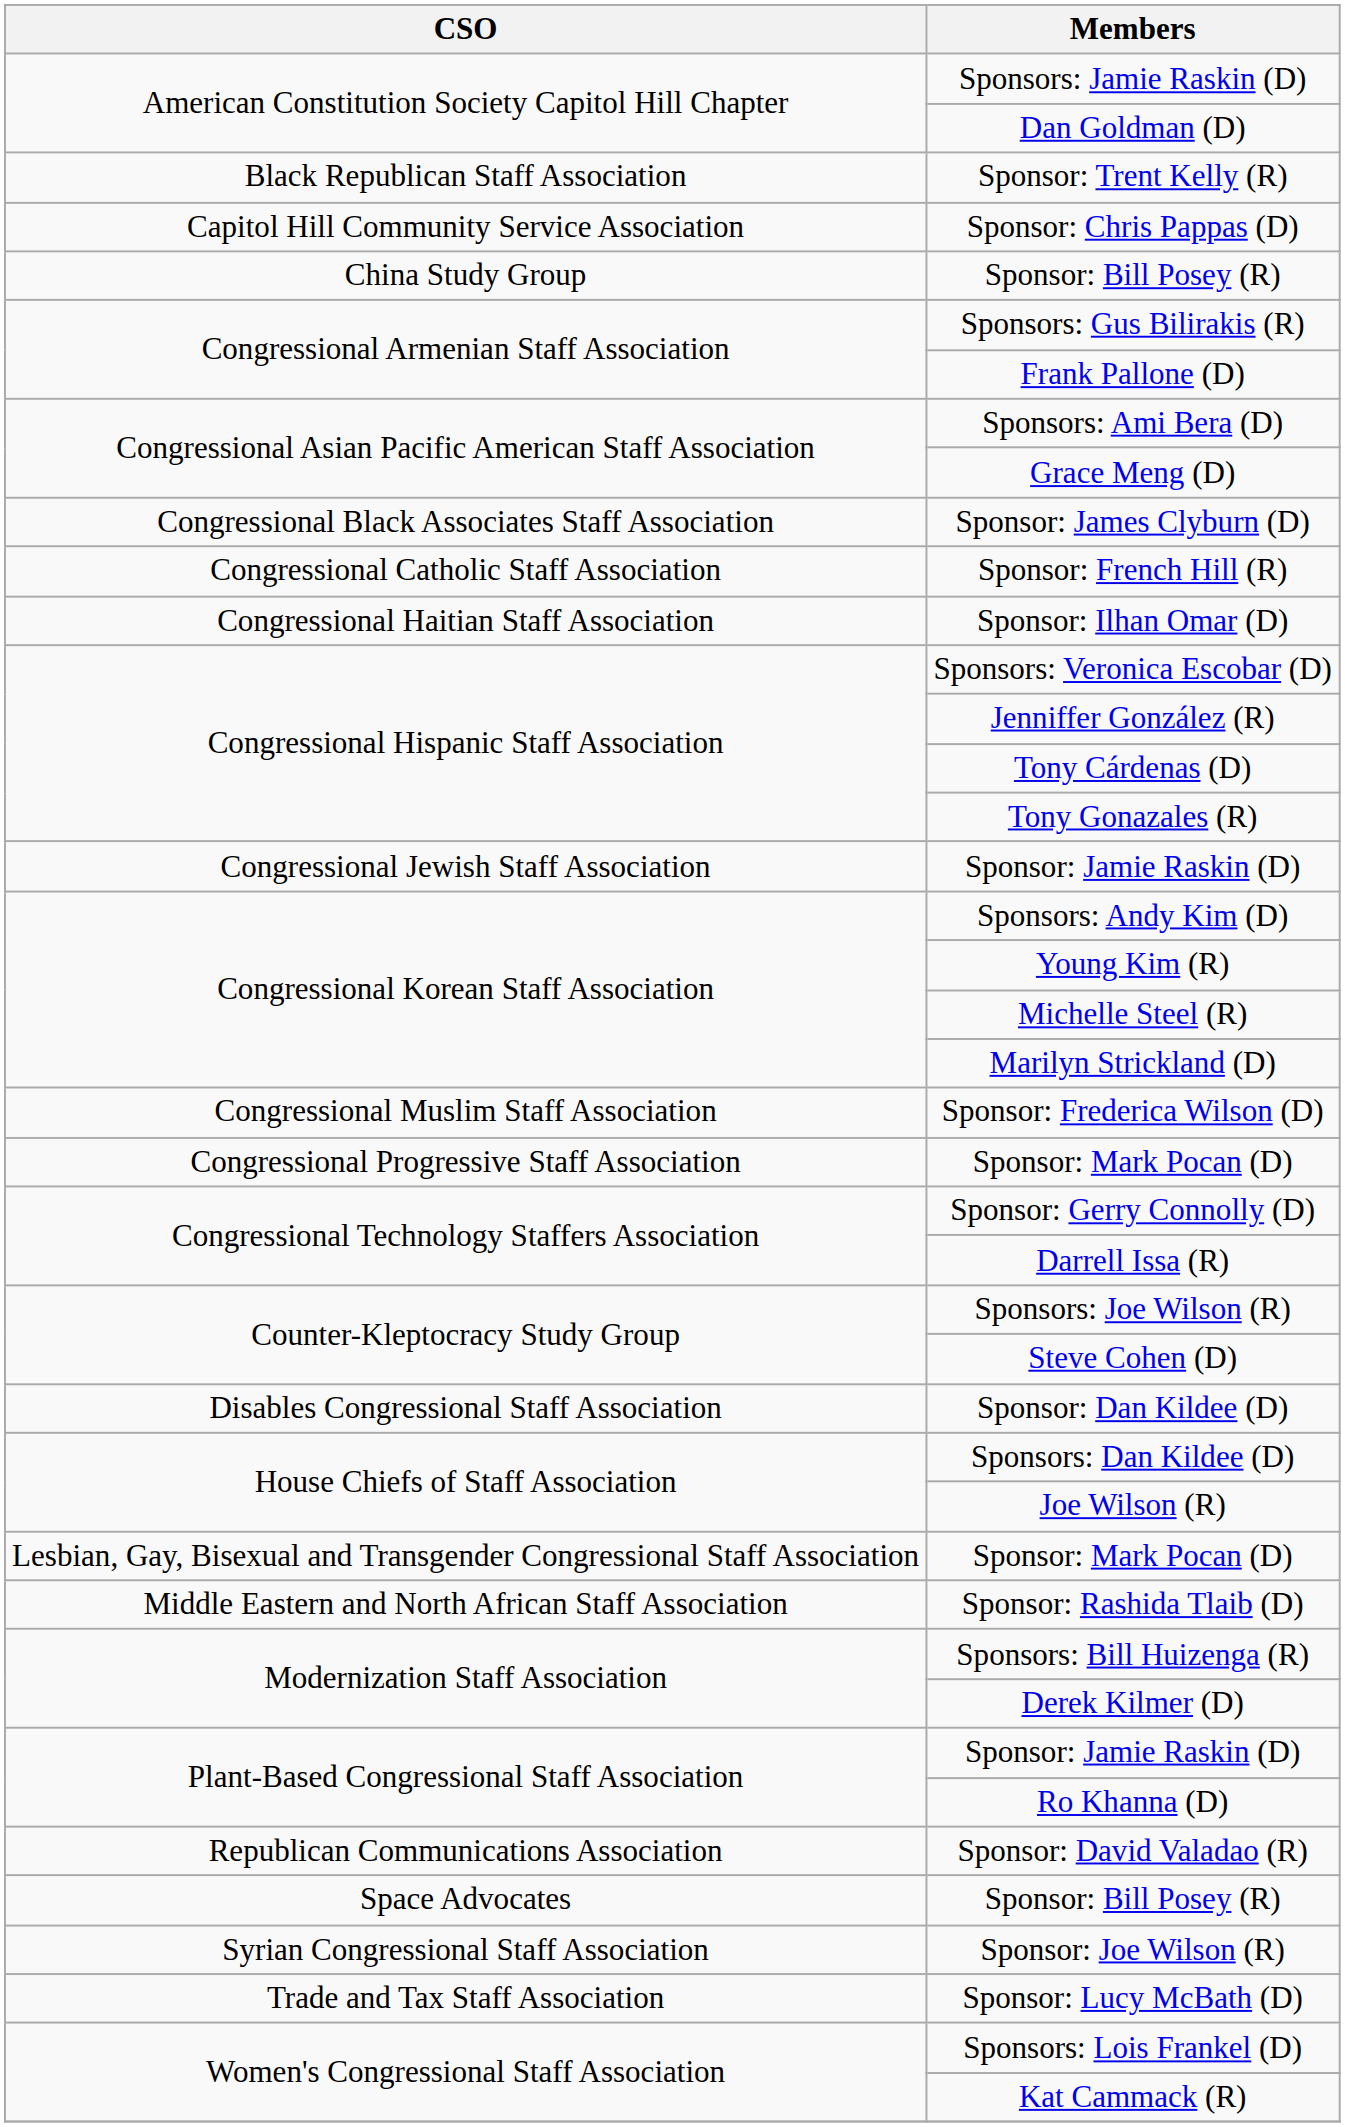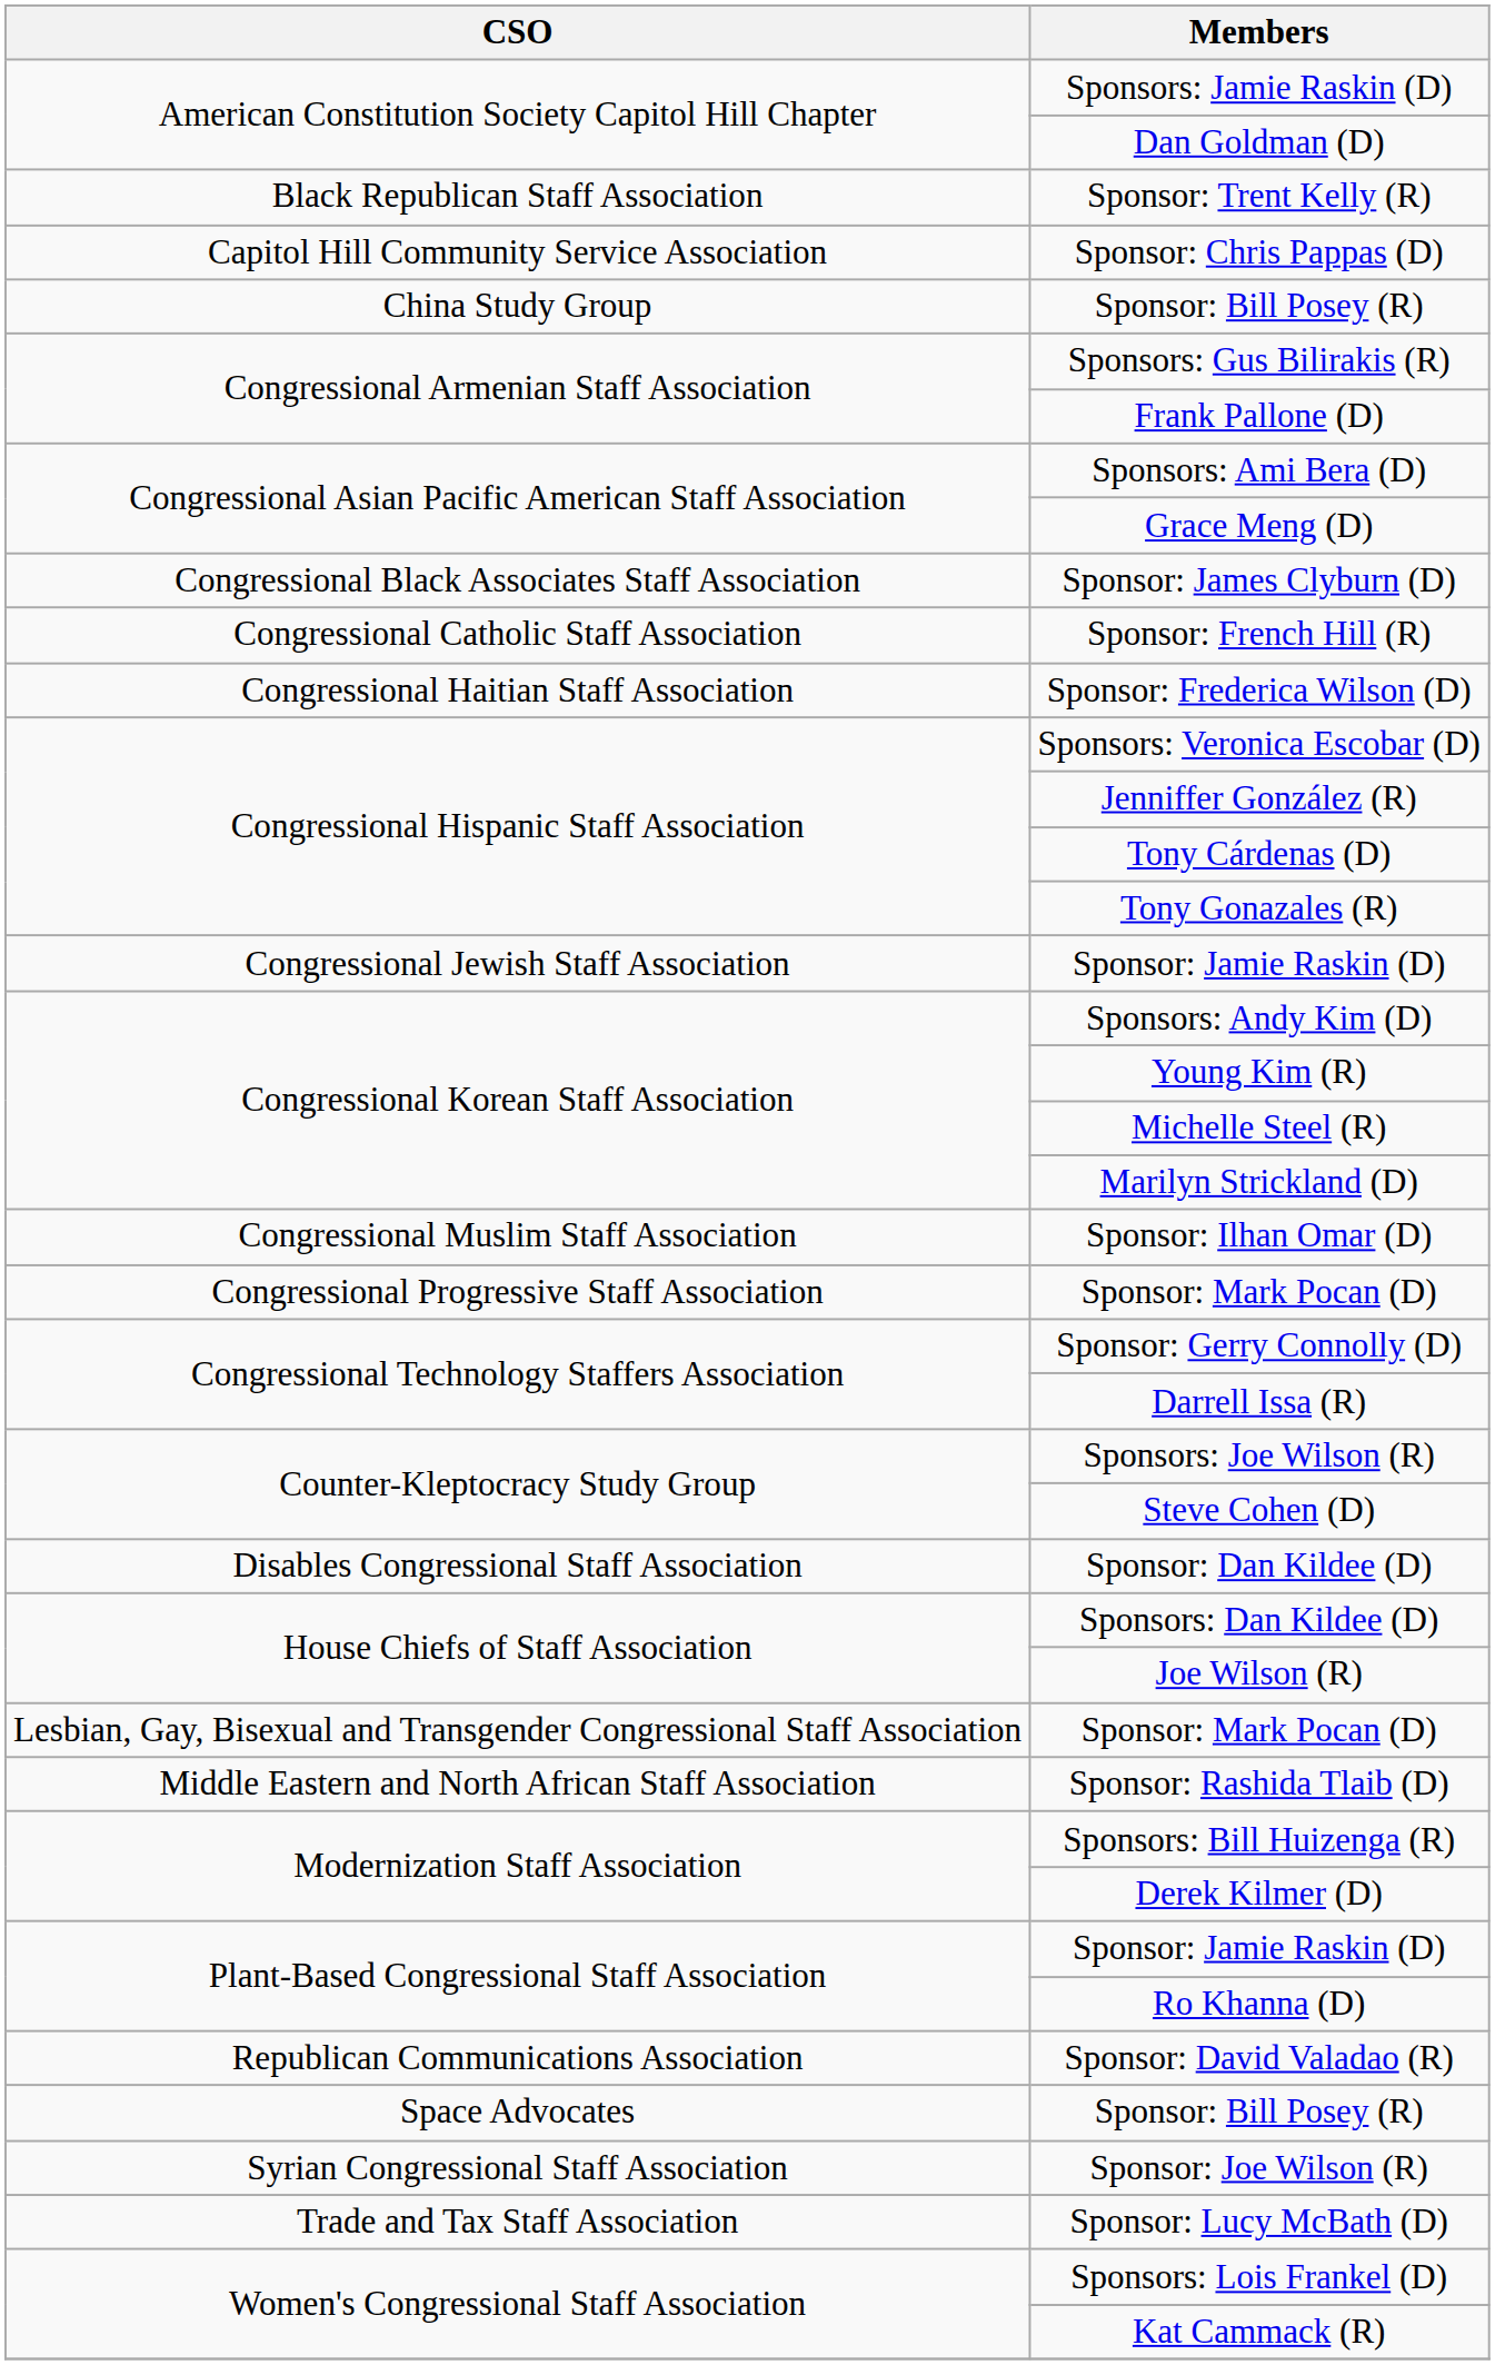 <table class=wikitable style="text-align: center; margin-left: 50px;">
 <tr>
 <th>CSO</th>
 <th>Members</th>
 </tr>
 <tr>
 <td rowspan=2>American Constitution Society Capitol Hill Chapter</td>
 <td>Sponsors: <a href='#'>Jamie Raskin</a> (D)</td>
 </tr>
 <tr>
 <td><a href='#'>Dan Goldman</a> (D)</td>
 </tr>
 <tr>
 <td rowspan=1>Black Republican Staff Association</td>
 <td>Sponsor: <a href='#'>Trent Kelly</a> (R)</td>
 </tr>
 <tr>
 <td rowspan=1>Capitol Hill Community Service Association</td>
 <td>Sponsor: <a href='#'>Chris Pappas</a> (D)</td>
 </tr>
 <tr>
 <td rowspan=1>China Study Group</td>
 <td>Sponsor: <a href='#'>Bill Posey</a> (R)</td>
 </tr>
 <tr>
 <td rowspan=2>Congressional Armenian Staff Association</td>
 <td>Sponsors: <a href='#'>Gus Bilirakis</a> (R)</td>
 </tr>
 <tr>
 <td><a href='#'>Frank Pallone</a> (D)</td>
 </tr>
 <tr>
 <td rowspan=2>Congressional Asian Pacific American Staff Association</td>
 <td>Sponsors: <a href='#'>Ami Bera</a> (D)</td>
 </tr>
 <tr>
 <td><a href='#'>Grace Meng</a> (D)</td>
 </tr>
 <tr>
 <td rowspan=1>Congressional Black Associates Staff Association</td>
 <td>Sponsor: <a href='#'>James Clyburn</a> (D)</td>
 </tr>
 <tr>
 <td rowspan=1>Congressional Catholic Staff Association</td>
 <td>Sponsor: <a href='#'>French Hill</a> (R)</td>
 </tr>
 <tr>
 <td rowspan=1>Congressional Haitian Staff Association</td>
-<td>Sponsor: <a href='#'>Ilhan Omar</a> (D)</td>
+<td>Sponsor: <a href='#'>Frederica Wilson</a> (D)</td>
 </tr>
 <tr>
 <td rowspan=4>Congressional Hispanic Staff Association</td>
 <td>Sponsors: <a href='#'>Veronica Escobar</a> (D)</td>
 </tr>
 <tr>
 <td><a href='#'>Jenniffer González</a> (R)</td>
 </tr>
 <tr>
 <td><a href='#'>Tony Cárdenas</a> (D)</td>
 </tr>
 <tr>
 <td><a href='#'>Tony Gonazales</a> (R)</td>
 </tr>
 <tr>
 <td rowspan=1>Congressional Jewish Staff Association</td>
 <td>Sponsor: <a href='#'>Jamie Raskin</a> (D)</td>
 </tr>
 <tr>
 <td rowspan=4>Congressional Korean Staff Association</td>
 <td>Sponsors: <a href='#'>Andy Kim</a> (D)</td>
 </tr>
 <tr>
 <td><a href='#'>Young Kim</a> (R)</td>
 </tr>
 <tr>
 <td><a href='#'>Michelle Steel</a> (R)</td>
 </tr>
 <tr>
 <td><a href='#'>Marilyn Strickland</a> (D)</td>
 </tr>
 <tr>
 <td rowspan=1>Congressional Muslim Staff Association</td>
-<td>Sponsor: <a href='#'>Frederica Wilson</a> (D)</td>
+<td>Sponsor: <a href='#'>Ilhan Omar</a> (D)</td>
 </tr>
 <tr>
 <td rowspan=1>Congressional Progressive Staff Association</td>
 <td>Sponsor: <a href='#'>Mark Pocan</a> (D)</td>
 </tr>
 <tr>
 <td rowspan=2>Congressional Technology Staffers Association</td>
 <td>Sponsor: <a href='#'>Gerry Connolly</a> (D)</td>
 </tr>
 <tr>
 <td><a href='#'>Darrell Issa</a> (R)</td>
 </tr>
 <tr>
 <td rowspan=2>Counter-Kleptocracy Study Group</td>
 <td>Sponsors: <a href='#'>Joe Wilson</a> (R)</td>
 </tr>
 <tr>
 <td><a href='#'>Steve Cohen</a> (D)</td>
 </tr>
 <tr>
 <td rowspan=1>Disables Congressional Staff Association</td>
 <td>Sponsor: <a href='#'>Dan Kildee</a> (D)</td>
 </tr>
 <tr>
 <td rowspan=2>House Chiefs of Staff Association</td>
 <td>Sponsors: <a href='#'>Dan Kildee</a> (D)</td>
 </tr>
 <tr>
 <td><a href='#'>Joe Wilson</a> (R)</td>
 </tr>
 <tr>
 <td rowspan=1>Lesbian, Gay, Bisexual and Transgender Congressional Staff Association</td>
 <td>Sponsor: <a href='#'>Mark Pocan</a> (D)</td>
 </tr>
 <tr>
 <td rowspan=1>Middle Eastern and North African Staff Association</td>
 <td>Sponsor: <a href='#'>Rashida Tlaib</a> (D)</td>
 </tr>
 <tr>
 <td rowspan=2>Modernization Staff Association</td>
 <td>Sponsors: <a href='#'>Bill Huizenga</a> (R)</td>
 </tr>
 <tr>
 <td><a href='#'>Derek Kilmer</a> (D)</td>
 </tr>
 <tr>
 <td rowspan=2>Plant-Based Congressional Staff Association</td>
 <td>Sponsor: <a href='#'>Jamie Raskin</a> (D)</td>
 </tr>
 <tr>
 <td><a href='#'>Ro Khanna</a> (D)</td>
 </tr>
 <tr>
 <td rowspan=1>Republican Communications Association</td>
 <td>Sponsor: <a href='#'>David Valadao</a> (R)</td>
 </tr>
 <tr>
 <td rowspan=1>Space Advocates</td>
 <td>Sponsor: <a href='#'>Bill Posey</a> (R)</td>
 </tr>
 <tr>
 <td rowspan=1>Syrian Congressional Staff Association</td>
 <td>Sponsor: <a href='#'>Joe Wilson</a> (R)</td>
 </tr>
 <tr>
 <td rowspan=1>Trade and Tax Staff Association</td>
 <td>Sponsor: <a href='#'>Lucy McBath</a> (D)</td>
 </tr>
 <tr>
 <td rowspan=2>Women's Congressional Staff Association</td>
 <td>Sponsors: <a href='#'>Lois Frankel</a> (D)</td>
 </tr>
 <tr>
 <td><a href='#'>Kat Cammack</a> (R)</td>
 </tr>
 <tr>
 </tr>
 </table>
